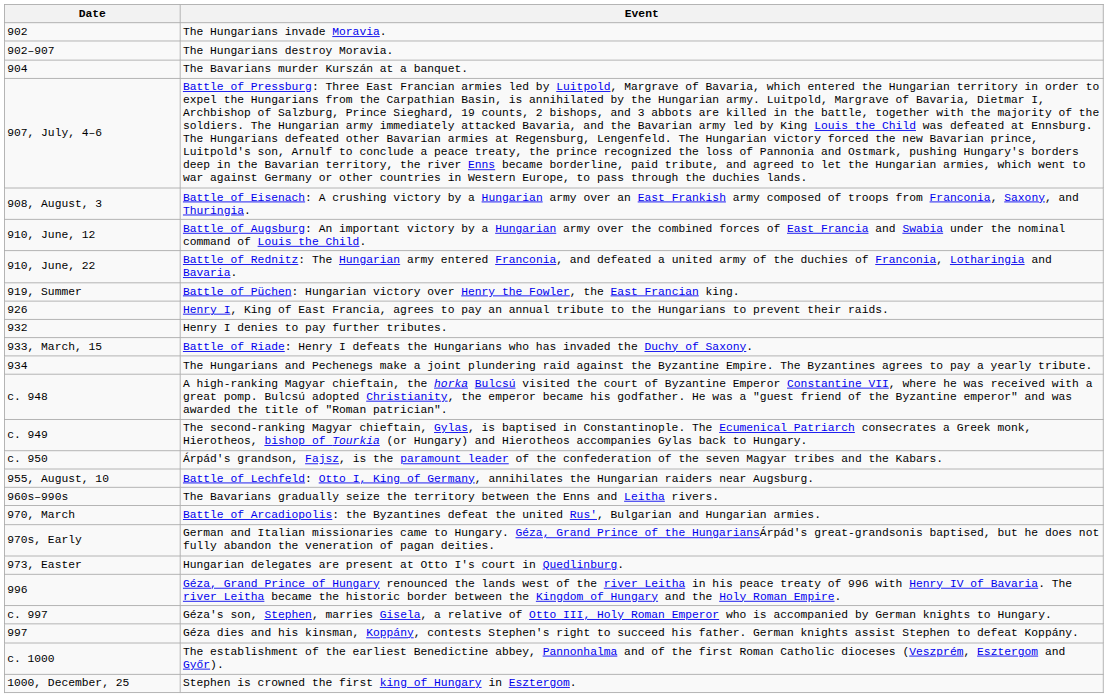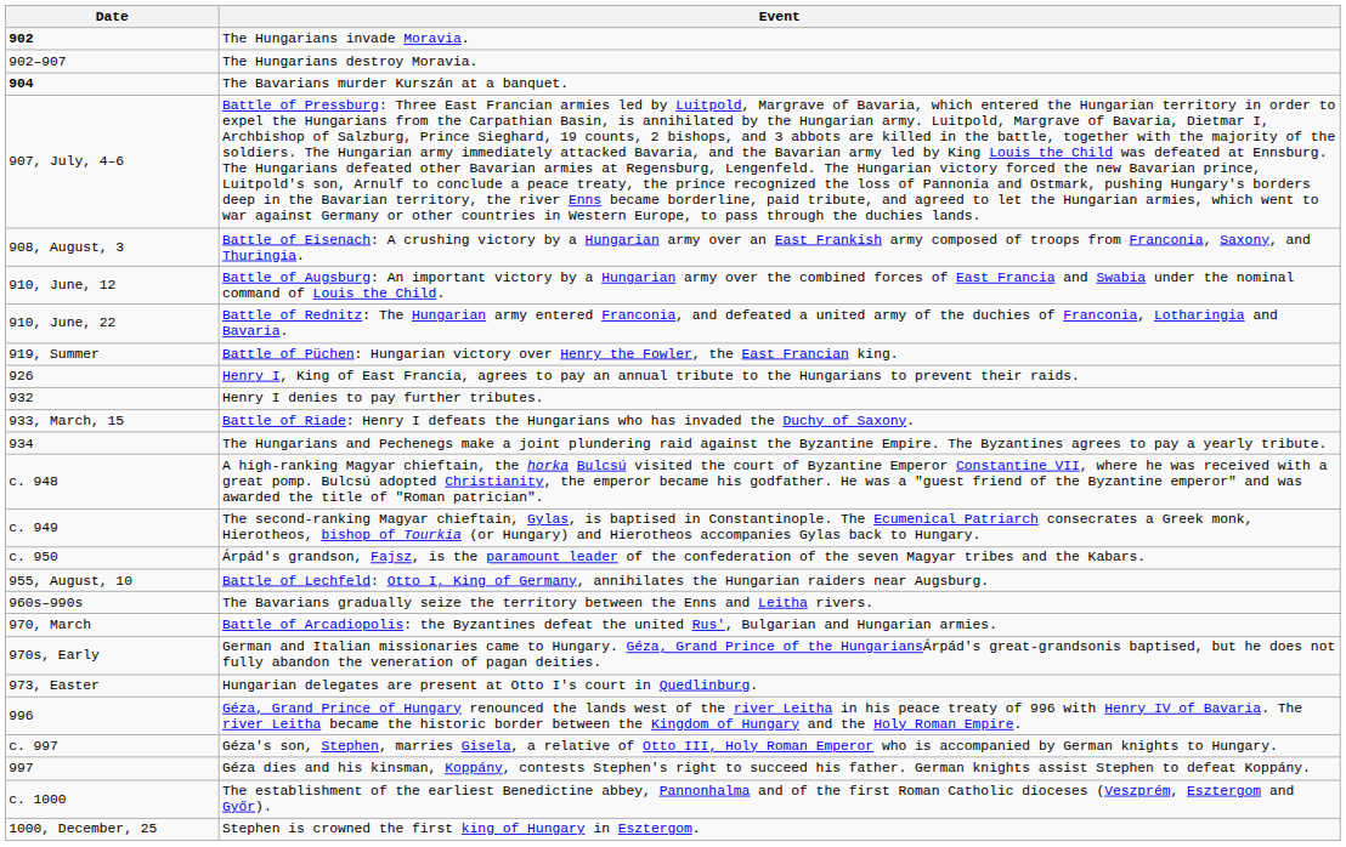 <table class="wikitable" width="100%">
 <tr>
 <th width="16%">Date</th>
 <th width="84%">Event</th>
 </tr>
 <tr>
-<td>902</td>
+<td><strong>902</strong></td>
 <td>The Hungarians invade <a href='#'>Moravia</a>.</td>
 </tr>
 <tr>
 <td>902–907</td>
 <td>The Hungarians destroy Moravia.</td>
 </tr>
 <tr>
-<td>904</td>
+<td><strong>904</strong></td>
 <td>The Bavarians murder Kurszán at a banquet.</td>
 </tr>
 <tr>
 <td>907, July, 4–6</td>
 <td><a href='#'>Battle of Pressburg</a>: Three East Francian armies led by <a href='#'>Luitpold</a>, Margrave of Bavaria, which entered the Hungarian territory in order to expel the Hungarians from the Carpathian Basin, is annihilated by the Hungarian army. Luitpold, Margrave of Bavaria, Dietmar I, Archbishop of Salzburg, Prince Sieghard, 19 counts, 2 bishops, and 3 abbots are killed in the battle, together with the majority of the soldiers. The Hungarian army immediately attacked Bavaria, and the Bavarian army led by King <a href='#'>Louis the Child</a> was defeated at Ennsburg. The Hungarians defeated other Bavarian armies at Regensburg, Lengenfeld. The Hungarian victory forced the new Bavarian prince, Luitpold's son, Arnulf to conclude a peace treaty, the prince recognized the loss of Pannonia and Ostmark, pushing Hungary's borders deep in the Bavarian territory, the river <a href='#'>Enns</a> became borderline, paid tribute, and agreed to let the Hungarian armies, which went to war against Germany or other countries in Western Europe, to pass through the duchies lands.</td>
 </tr>
 <tr>
 <td>908, August, 3</td>
 <td><a href='#'>Battle of Eisenach</a>: A crushing victory by a <a href='#'>Hungarian</a> army over an <a href='#'>East Frankish</a> army composed of troops from <a href='#'>Franconia</a>, <a href='#'>Saxony</a>, and <a href='#'>Thuringia</a>.</td>
 </tr>
 <tr>
 <td>910, June, 12</td>
 <td><a href='#'>Battle of Augsburg</a>: An important victory by a <a href='#'>Hungarian</a> army over the combined forces of <a href='#'>East Francia</a> and <a href='#'>Swabia</a> under the nominal command of <a href='#'>Louis the Child</a>.</td>
 </tr>
 <tr>
 <td>910, June, 22</td>
 <td><a href='#'>Battle of Rednitz</a>: The <a href='#'>Hungarian</a> army entered <a href='#'>Franconia</a>, and defeated a united army of the duchies of <a href='#'>Franconia</a>, <a href='#'>Lotharingia</a> and <a href='#'>Bavaria</a>.</td>
 </tr>
 <tr>
 <td>919, Summer</td>
 <td><a href='#'>Battle of Püchen</a>: Hungarian victory over <a href='#'>Henry the Fowler</a>, the <a href='#'>East Francian</a> king.</td>
 </tr>
 <tr>
 <td>926</td>
 <td><a href='#'>Henry I</a>, King of East Francia, agrees to pay an annual tribute to the Hungarians to prevent their raids.</td>
 </tr>
 <tr>
 <td>932</td>
 <td>Henry I denies to pay further tributes.</td>
 </tr>
 <tr>
 <td>933, March, 15</td>
 <td><a href='#'>Battle of Riade</a>: Henry I defeats the Hungarians who has invaded the <a href='#'>Duchy of Saxony</a>.</td>
 </tr>
 <tr>
 <td>934</td>
 <td>The Hungarians and Pechenegs make a joint plundering raid against the Byzantine Empire. The Byzantines agrees to pay a yearly tribute.</td>
 </tr>
 <tr>
 <td>c. 948</td>
 <td>A high-ranking Magyar chieftain, the <em><a href='#'>horka</a></em> <a href='#'>Bulcsú</a> visited the court of Byzantine Emperor <a href='#'>Constantine VII</a>, where he was received with a great pomp. Bulcsú adopted <a href='#'>Christianity</a>, the emperor became his godfather. He was a "guest friend of the Byzantine emperor" and was awarded the title of "Roman patrician".</td>
 </tr>
 <tr>
 <td>c. 949</td>
 <td>The second-ranking Magyar chieftain, <a href='#'>Gylas</a>, is baptised in Constantinople. The <a href='#'>Ecumenical Patriarch</a> consecrates a Greek monk, Hierotheos, <a href='#'>bishop of <em>Tourkia</em></a> (or Hungary) and Hierotheos accompanies Gylas back to Hungary.</td>
 </tr>
 <tr>
 <td>c. 950</td>
 <td>Árpád's grandson, <a href='#'>Fajsz</a>, is the <a href='#'>paramount leader</a> of the confederation of the seven Magyar tribes and the Kabars.</td>
 </tr>
 <tr>
 <td>955, August, 10</td>
 <td><a href='#'>Battle of Lechfeld</a>: <a href='#'>Otto I, King of Germany</a>, annihilates the Hungarian raiders near Augsburg.</td>
 </tr>
 <tr>
 <td>960s–990s</td>
 <td>The Bavarians gradually seize the territory between the Enns and <a href='#'>Leitha</a> rivers.</td>
 </tr>
 <tr>
 <td>970, March</td>
 <td><a href='#'>Battle of Arcadiopolis</a>: the Byzantines defeat the united <a href='#'>Rus'</a>, Bulgarian and Hungarian armies.</td>
 </tr>
 <tr>
 <td>970s, Early</td>
 <td>German and Italian missionaries came to Hungary. <a href='#'>Géza, Grand Prince of the Hungarians</a>Árpád's great-grandsonis baptised, but he does not fully abandon the veneration of pagan deities.</td>
 </tr>
 <tr>
 <td>973, Easter</td>
 <td>Hungarian delegates are present at Otto I's court in <a href='#'>Quedlinburg</a>.</td>
 </tr>
 <tr>
 <td>996</td>
 <td><a href='#'>Géza, Grand Prince of Hungary</a> renounced the lands west of the <a href='#'>river Leitha</a> in his peace treaty of 996 with <a href='#'>Henry IV of Bavaria</a>. The <a href='#'>river Leitha</a> became the historic border between the <a href='#'>Kingdom of Hungary</a> and the <a href='#'>Holy Roman Empire</a>.</td>
 </tr>
 <tr>
 <td>c. 997</td>
 <td>Géza's son, <a href='#'>Stephen</a>, marries <a href='#'>Gisela</a>, a relative of <a href='#'>Otto III, Holy Roman Emperor</a> who is accompanied by German knights to Hungary.</td>
 </tr>
 <tr>
 <td>997</td>
 <td>Géza dies and his kinsman, <a href='#'>Koppány</a>, contests Stephen's right to succeed his father. German knights assist Stephen to defeat Koppány.</td>
 </tr>
 <tr>
 <td>c. 1000</td>
 <td>The establishment of the earliest Benedictine abbey, <a href='#'>Pannonhalma</a> and of the first Roman Catholic dioceses (<a href='#'>Veszprém</a>, <a href='#'>Esztergom</a> and <a href='#'>Győr</a>).</td>
 </tr>
 <tr>
 <td>1000, December, 25</td>
 <td>Stephen is crowned the first <a href='#'>king of Hungary</a> in <a href='#'>Esztergom</a>.</td>
 </tr>
 </table>
